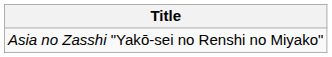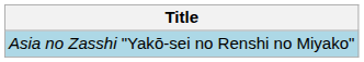 <table class="wikitable">
 <tr>
 <th>Title</th>
 </tr>
 <tr>
-<td><em>Asia no Zasshi</em> "Yakō-sei no Renshi no Miyako"</td>
+<td style="background: lightblue;"><em>Asia no Zasshi</em> "Yakō-sei no Renshi no Miyako"</td>
 </tr>
 </table>
